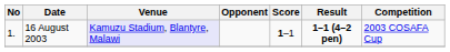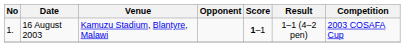 <table class="wikitable" style="font-size:85%;">
 <tr>
 <th>No</th>
 <th>Date</th>
 <th>Venue</th>
 <th>Opponent</th>
 <th>Score</th>
 <th>Result</th>
 <th>Competition</th>
 </tr>
 <tr>
 <td>1.</td>
 <td>16 August 2003</td>
-<td style="background: lavender;"><a href='#'>Kamuzu Stadium</a>, <a href='#'>Blantyre</a>, <a href='#'>Malawi</a></td>
+<td><a href='#'>Kamuzu Stadium</a>, <a href='#'>Blantyre</a>, <a href='#'>Malawi</a></td>
 <td></td>
 <td align=center><strong>1</strong>–1</td>
-<td align=center><strong>1–1 (4–2 pen)</strong></td>
+<td align=center>1–1 (4–2 pen)</td>
 <td><a href='#'>2003 COSAFA Cup</a></td>
 </tr>
 <tr>
 </tr>
 </table>
